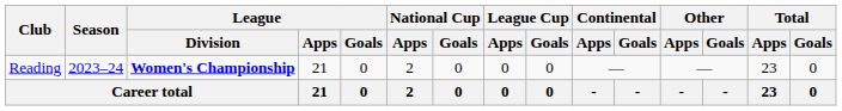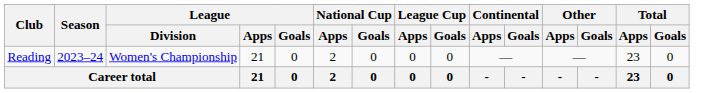 <table class="wikitable" style="text-align:center">
 <tr>
 <th rowspan="2">Club</th>
 <th rowspan="2">Season</th>
 <th colspan="3">League</th>
 <th colspan="2">National Cup</th>
 <th colspan="2">League Cup</th>
 <th colspan="2">Continental</th>
 <th colspan="2">Other</th>
 <th colspan="2">Total</th>
 </tr>
 <tr>
 <th>Division</th>
 <th>Apps</th>
 <th>Goals</th>
 <th>Apps</th>
 <th>Goals</th>
 <th>Apps</th>
 <th>Goals</th>
 <th>Apps</th>
 <th>Goals</th>
 <th>Apps</th>
 <th>Goals</th>
 <th>Apps</th>
 <th>Goals</th>
 </tr>
 <tr>
 <td><a href='#'>Reading</a></td>
 <td><a href='#'>2023–24</a></td>
-<td><strong><a href='#'>Women's Championship</a></strong></td>
+<td><a href='#'>Women's Championship</a></td>
 <td>21</td>
 <td>0</td>
 <td>2</td>
 <td>0</td>
 <td>0</td>
 <td>0</td>
 <td colspan="2">—</td>
 <td colspan="2">—</td>
 <td>23</td>
 <td>0</td>
 </tr>
 <tr>
 <th colspan="3">Career total</th>
 <th>21</th>
 <th>0</th>
 <th>2</th>
 <th>0</th>
 <th>0</th>
 <th>0</th>
 <th>-</th>
 <th>-</th>
 <th>-</th>
 <th>-</th>
 <th>23</th>
 <th>0</th>
 </tr>
 </table>
